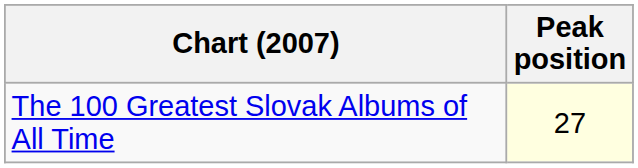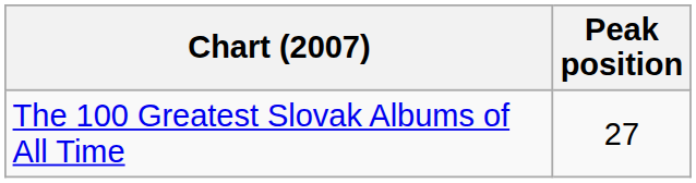 <table class="wikitable">
 <tr>
 <th width="270">Chart (2007)</th>
 <th>Peak<br>position</th>
 </tr>
 <tr>
 <td><a href='#'>The 100 Greatest Slovak Albums of All Time</a></td>
-<td align="center" style="background: lightyellow;">27</td>
+<td align="center">27</td>
 </tr>
 </table>
